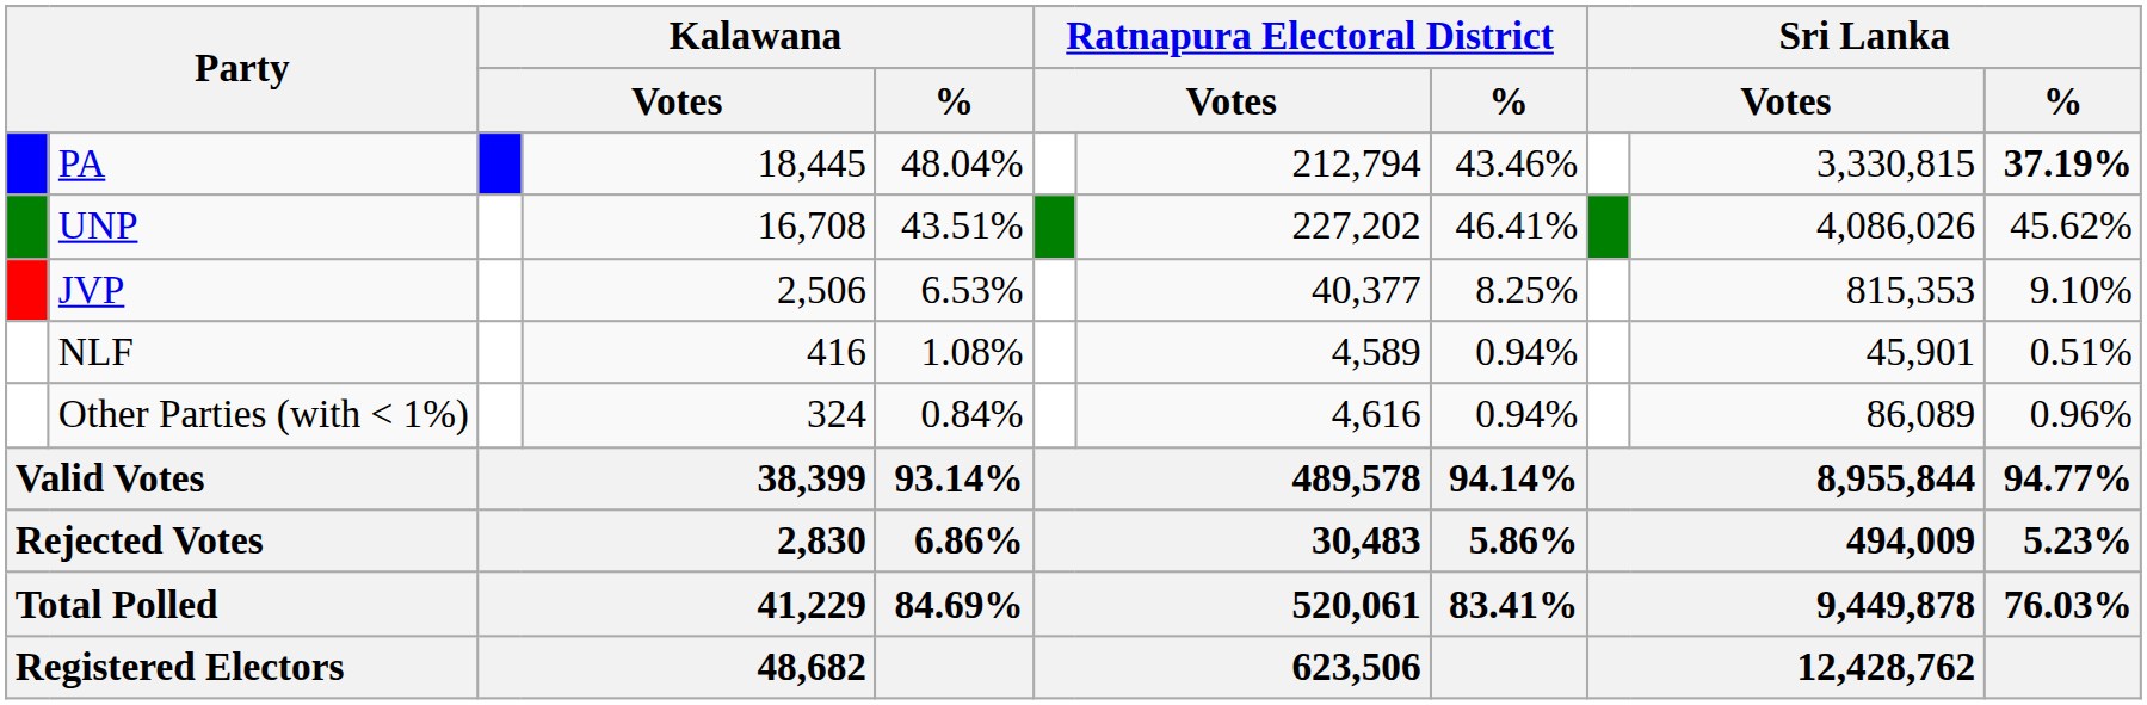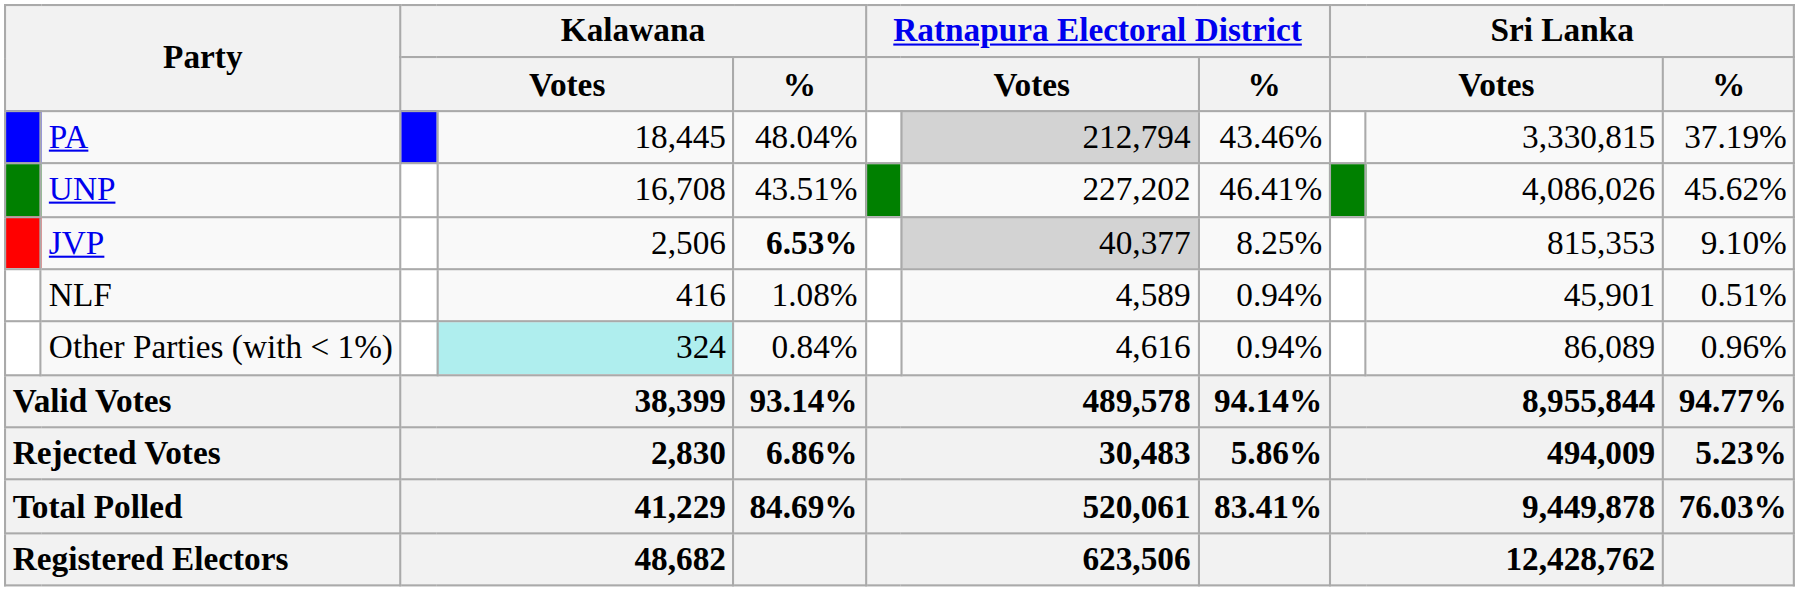 <table class="wikitable">
 <tr>
 <th colspan="2" width="144px"rowspan="2">Party</th>
 <th colspan="3" width="216px">Kalawana</th>
 <th colspan="3" width="216px"><a href='#'>Ratnapura Electoral District</a></th>
 <th colspan="3" width="216px">Sri Lanka</th>
 </tr>
 <tr>
 <th colspan="2" width="144px">Votes</th>
 <th>%</th>
 <th colspan="2" width="144px">Votes</th>
 <th>%</th>
 <th colspan="2" width="144px">Votes</th>
 <th>%</th>
 </tr>
 <tr>
 <td style="background-color:blue;" width="10px"></td>
 <td style="text-align:left;"><a href='#'>PA</a></td>
 <td style="background-color:blue;" width="10px"></td>
 <td style="text-align:right;">18,445</td>
 <td style="text-align:right;">48.04%</td>
 <td style="background-color:white;" width="10px"></td>
-<td style="text-align:right;">212,794</td>
+<td style="background: lightgrey; text-align:right;">212,794</td>
 <td style="text-align:right;">43.46%</td>
 <td style="background-color:white;" width="10px"></td>
 <td style="text-align:right;">3,330,815</td>
-<td style="text-align:right;"><strong>37.19%</strong></td>
+<td style="text-align:right;">37.19%</td>
 </tr>
 <tr>
 <td style="background-color:green;" width="10px"></td>
 <td style="text-align:left;"><a href='#'>UNP</a></td>
 <td style="background-color:white;" width="10px"></td>
 <td style="text-align:right;">16,708</td>
 <td style="text-align:right;">43.51%</td>
 <td style="background-color:green;" width="10px"></td>
 <td style="text-align:right;">227,202</td>
 <td style="text-align:right;">46.41%</td>
 <td style="background-color:green;" width="10px"></td>
 <td style="text-align:right;">4,086,026</td>
 <td style="text-align:right;">45.62%</td>
 </tr>
 <tr>
 <td style="background-color:red;" width="10px"></td>
 <td style="text-align:left;"><a href='#'>JVP</a></td>
 <td style="background-color:white;" width="10px"></td>
 <td style="text-align:right;">2,506</td>
-<td style="text-align:right;">6.53%</td>
+<td style="text-align:right;"><strong>6.53%</strong></td>
 <td style="background-color:white;" width="10px"></td>
-<td style="text-align:right;">40,377</td>
+<td style="background: lightgrey; text-align:right;">40,377</td>
 <td style="text-align:right;">8.25%</td>
 <td style="background-color:white;" width="10px"></td>
 <td style="text-align:right;">815,353</td>
 <td style="text-align:right;">9.10%</td>
 </tr>
 <tr>
 <td style="background-color:white;" width="10px"></td>
 <td style="text-align:left;">NLF</td>
 <td style="background-color:white;" width="10px"></td>
 <td style="text-align:right;">416</td>
 <td style="text-align:right;">1.08%</td>
 <td style="background-color:white;" width="10px"></td>
 <td style="text-align:right;">4,589</td>
 <td style="text-align:right;">0.94%</td>
 <td style="background-color:white;" width="10px"></td>
 <td style="text-align:right;">45,901</td>
 <td style="text-align:right;">0.51%</td>
 </tr>
 <tr>
 <td style="background-color:white;" width="10px"></td>
 <td style="text-align:left;">Other Parties (with < 1%)</td>
 <td style="background-color:white;" width="10px"></td>
-<td style="text-align:right;">324</td>
+<td style="background: paleturquoise; text-align:right;">324</td>
 <td style="text-align:right;">0.84%</td>
 <td style="background-color:white;" width="10px"></td>
 <td style="text-align:right;">4,616</td>
 <td style="text-align:right;">0.94%</td>
 <td style="background-color:white;" width="10px"></td>
 <td style="text-align:right;">86,089</td>
 <td style="text-align:right;">0.96%</td>
 </tr>
 <tr>
 <th colspan="2" width="144px"style="text-align:left;">Valid Votes</th>
 <th style="text-align:right;"colspan="2" width="144px">38,399</th>
 <th style="text-align:right;">93.14%</th>
 <th style="text-align:right;"colspan="2" width="144px">489,578</th>
 <th style="text-align:right;">94.14%</th>
 <th style="text-align:right;"colspan="2" width="144px">8,955,844</th>
 <th style="text-align:right;">94.77%</th>
 </tr>
 <tr>
 <th colspan="2" width="144px"style="text-align:left;">Rejected Votes</th>
 <th style="text-align:right;"colspan="2" width="144px">2,830</th>
 <th style="text-align:right;">6.86%</th>
 <th style="text-align:right;"colspan="2" width="144px">30,483</th>
 <th style="text-align:right;">5.86%</th>
 <th style="text-align:right;"colspan="2" width="144px">494,009</th>
 <th style="text-align:right;">5.23%</th>
 </tr>
 <tr>
 <th colspan="2" width="144px"style="text-align:left;">Total Polled</th>
 <th style="text-align:right;"colspan="2" width="144px">41,229</th>
 <th style="text-align:right;">84.69%</th>
 <th style="text-align:right;"colspan="2" width="144px">520,061</th>
 <th style="text-align:right;">83.41%</th>
 <th style="text-align:right;"colspan="2" width="144px">9,449,878</th>
 <th style="text-align:right;">76.03%</th>
 </tr>
 <tr>
 <th colspan="2" width="144px"style="text-align:left;">Registered Electors</th>
 <th style="text-align:right;"colspan="2" width="144px">48,682</th>
 <th></th>
 <th style="text-align:right;"colspan="2" width="144px">623,506</th>
 <th></th>
 <th style="text-align:right;"colspan="2" width="144px">12,428,762</th>
 <th></th>
 </tr>
 </table>
